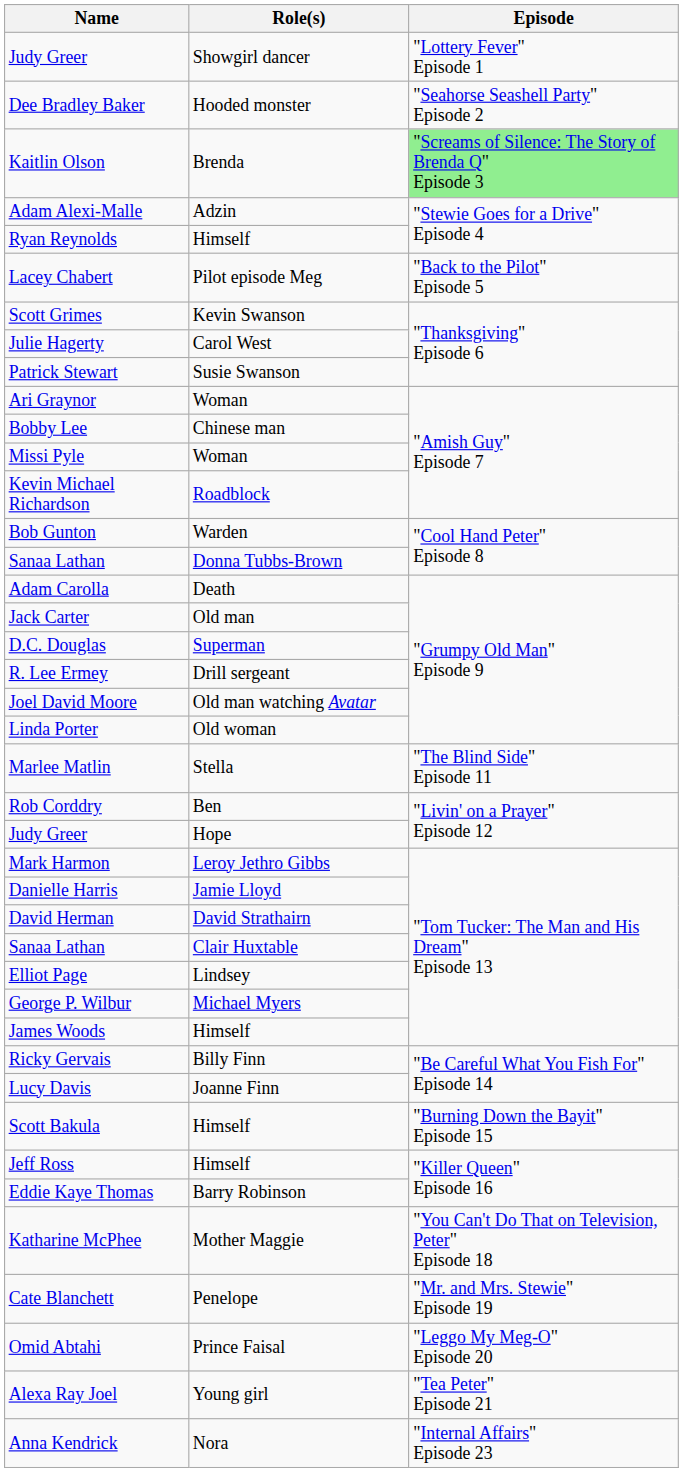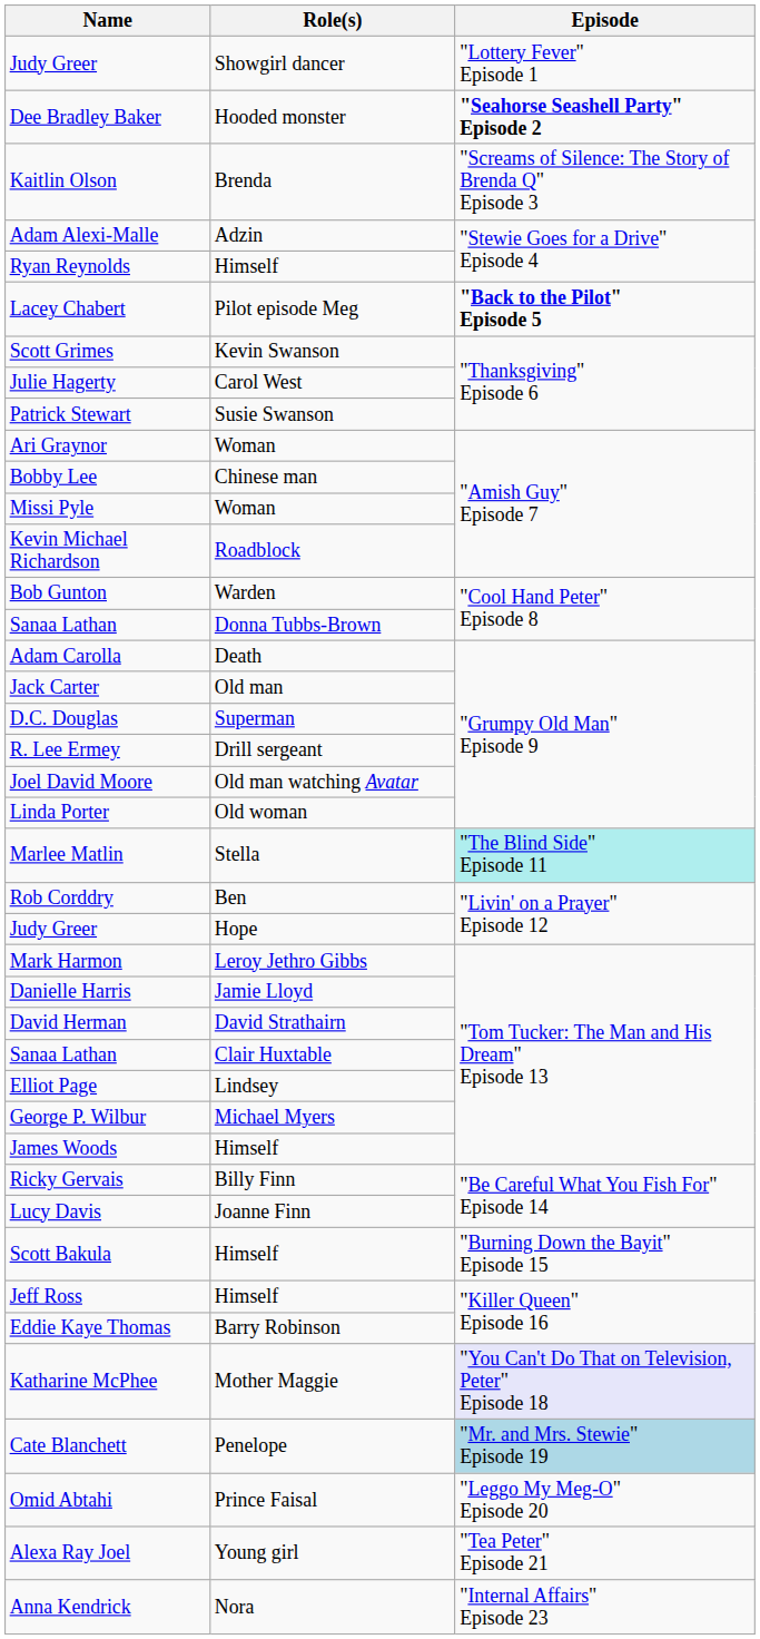 <table class="wikitable">
 <tr>
 <th scope="col" style="width: 200px;">Name</th>
 <th scope="col" style="width: 250px;">Role(s)</th>
 <th scope="col" style="width: 300px;">Episode</th>
 </tr>
 <tr>
 <td><a href='#'>Judy Greer</a></td>
 <td>Showgirl dancer</td>
 <td>"<a href='#'>Lottery Fever</a>"<br>Episode 1</td>
 </tr>
 <tr>
 <td><a href='#'>Dee Bradley Baker</a></td>
 <td>Hooded monster</td>
-<td>"<a href='#'>Seahorse Seashell Party</a>"<br>Episode 2</td>
+<td><strong>"<a href='#'>Seahorse Seashell Party</a>"<br>Episode 2</strong></td>
 </tr>
 <tr>
 <td><a href='#'>Kaitlin Olson</a></td>
 <td>Brenda</td>
-<td style="background: lightgreen;">"<a href='#'>Screams of Silence: The Story of Brenda Q</a>"<br>Episode 3</td>
+<td>"<a href='#'>Screams of Silence: The Story of Brenda Q</a>"<br>Episode 3</td>
 </tr>
 <tr>
 <td><a href='#'>Adam Alexi-Malle</a></td>
 <td>Adzin</td>
 <td rowspan="2">"<a href='#'>Stewie Goes for a Drive</a>"<br>Episode 4</td>
 </tr>
 <tr>
 <td><a href='#'>Ryan Reynolds</a></td>
 <td>Himself</td>
 </tr>
 <tr>
 <td><a href='#'>Lacey Chabert</a></td>
 <td>Pilot episode Meg</td>
-<td>"<a href='#'>Back to the Pilot</a>"<br>Episode 5</td>
+<td><strong>"<a href='#'>Back to the Pilot</a>"<br>Episode 5</strong></td>
 </tr>
 <tr>
 <td><a href='#'>Scott Grimes</a></td>
 <td>Kevin Swanson</td>
 <td rowspan="3">"<a href='#'>Thanksgiving</a>"<br>Episode 6</td>
 </tr>
 <tr>
 <td><a href='#'>Julie Hagerty</a></td>
 <td>Carol West</td>
 </tr>
 <tr>
 <td><a href='#'>Patrick Stewart</a></td>
 <td>Susie Swanson</td>
 </tr>
 <tr>
 <td><a href='#'>Ari Graynor</a></td>
 <td>Woman</td>
 <td rowspan="4">"<a href='#'>Amish Guy</a>"<br>Episode 7</td>
 </tr>
 <tr>
 <td><a href='#'>Bobby Lee</a></td>
 <td>Chinese man</td>
 </tr>
 <tr>
 <td><a href='#'>Missi Pyle</a></td>
 <td>Woman</td>
 </tr>
 <tr>
 <td><a href='#'>Kevin Michael Richardson</a></td>
 <td><a href='#'>Roadblock</a></td>
 </tr>
 <tr>
 <td><a href='#'>Bob Gunton</a></td>
 <td>Warden</td>
 <td rowspan="2">"<a href='#'>Cool Hand Peter</a>"<br>Episode 8</td>
 </tr>
 <tr>
 <td><a href='#'>Sanaa Lathan</a></td>
 <td><a href='#'>Donna Tubbs-Brown</a></td>
 </tr>
 <tr>
 <td><a href='#'>Adam Carolla</a></td>
 <td>Death</td>
 <td rowspan="6">"<a href='#'>Grumpy Old Man</a>"<br>Episode 9</td>
 </tr>
 <tr>
 <td><a href='#'>Jack Carter</a></td>
 <td>Old man</td>
 </tr>
 <tr>
 <td><a href='#'>D.C. Douglas</a></td>
 <td><a href='#'>Superman</a></td>
 </tr>
 <tr>
 <td><a href='#'>R. Lee Ermey</a></td>
 <td>Drill sergeant</td>
 </tr>
 <tr>
 <td><a href='#'>Joel David Moore</a></td>
 <td>Old man watching <em><a href='#'>Avatar</a></em></td>
 </tr>
 <tr>
 <td><a href='#'>Linda Porter</a></td>
 <td>Old woman</td>
 </tr>
 <tr>
 <td><a href='#'>Marlee Matlin</a></td>
 <td>Stella</td>
-<td>"<a href='#'>The Blind Side</a>"<br>Episode 11</td>
+<td style="background: paleturquoise;">"<a href='#'>The Blind Side</a>"<br>Episode 11</td>
 </tr>
 <tr>
 <td><a href='#'>Rob Corddry</a></td>
 <td>Ben</td>
 <td rowspan="2">"<a href='#'>Livin' on a Prayer</a>"<br>Episode 12</td>
 </tr>
 <tr>
 <td><a href='#'>Judy Greer</a></td>
 <td>Hope</td>
 </tr>
 <tr>
 <td><a href='#'>Mark Harmon</a></td>
 <td><a href='#'>Leroy Jethro Gibbs</a></td>
 <td rowspan="7">"<a href='#'>Tom Tucker: The Man and His Dream</a>"<br>Episode 13</td>
 </tr>
 <tr>
 <td><a href='#'>Danielle Harris</a></td>
 <td><a href='#'>Jamie Lloyd</a></td>
 </tr>
 <tr>
 <td><a href='#'>David Herman</a></td>
 <td><a href='#'>David Strathairn</a></td>
 </tr>
 <tr>
 <td><a href='#'>Sanaa Lathan</a></td>
 <td><a href='#'>Clair Huxtable</a></td>
 </tr>
 <tr>
 <td><a href='#'>Elliot Page</a></td>
 <td>Lindsey</td>
 </tr>
 <tr>
 <td><a href='#'>George P. Wilbur</a></td>
 <td><a href='#'>Michael Myers</a></td>
 </tr>
 <tr>
 <td><a href='#'>James Woods</a></td>
 <td>Himself</td>
 </tr>
 <tr>
 <td><a href='#'>Ricky Gervais</a></td>
 <td>Billy Finn</td>
 <td rowspan="2">"<a href='#'>Be Careful What You Fish For</a>"<br>Episode 14</td>
 </tr>
 <tr>
 <td><a href='#'>Lucy Davis</a></td>
 <td>Joanne Finn</td>
 </tr>
 <tr>
 <td><a href='#'>Scott Bakula</a></td>
 <td>Himself</td>
 <td>"<a href='#'>Burning Down the Bayit</a>"<br>Episode 15</td>
 </tr>
 <tr>
 <td><a href='#'>Jeff Ross</a></td>
 <td>Himself</td>
 <td rowspan="2">"<a href='#'>Killer Queen</a>"<br>Episode 16</td>
 </tr>
 <tr>
 <td><a href='#'>Eddie Kaye Thomas</a></td>
 <td>Barry Robinson</td>
 </tr>
 <tr>
 <td><a href='#'>Katharine McPhee</a></td>
 <td>Mother Maggie</td>
-<td>"<a href='#'>You Can't Do That on Television, Peter</a>"<br>Episode 18</td>
+<td style="background: lavender;">"<a href='#'>You Can't Do That on Television, Peter</a>"<br>Episode 18</td>
 </tr>
 <tr>
 <td><a href='#'>Cate Blanchett</a></td>
 <td>Penelope</td>
-<td>"<a href='#'>Mr. and Mrs. Stewie</a>"<br>Episode 19</td>
+<td style="background: lightblue;">"<a href='#'>Mr. and Mrs. Stewie</a>"<br>Episode 19</td>
 </tr>
 <tr>
 <td><a href='#'>Omid Abtahi</a></td>
 <td>Prince Faisal</td>
 <td>"<a href='#'>Leggo My Meg-O</a>"<br>Episode 20</td>
 </tr>
 <tr>
 <td><a href='#'>Alexa Ray Joel</a></td>
 <td>Young girl</td>
 <td>"<a href='#'>Tea Peter</a>"<br>Episode 21</td>
 </tr>
 <tr>
 <td><a href='#'>Anna Kendrick</a></td>
 <td>Nora</td>
 <td>"<a href='#'>Internal Affairs</a>"<br>Episode 23</td>
 </tr>
 </table>
